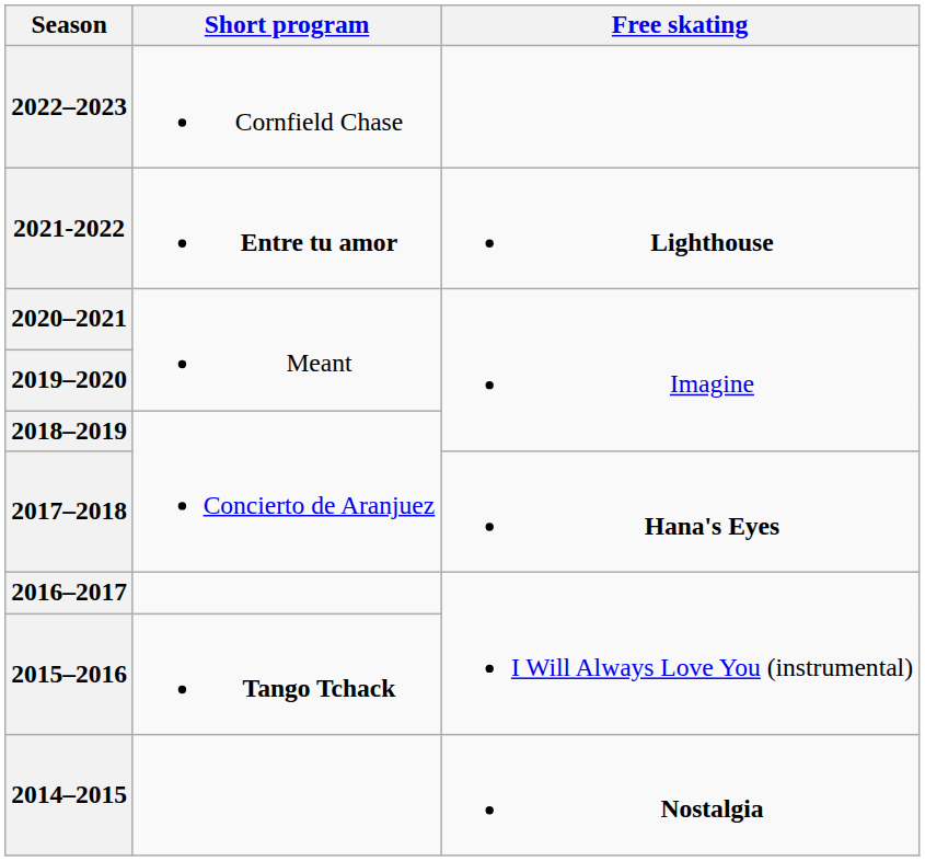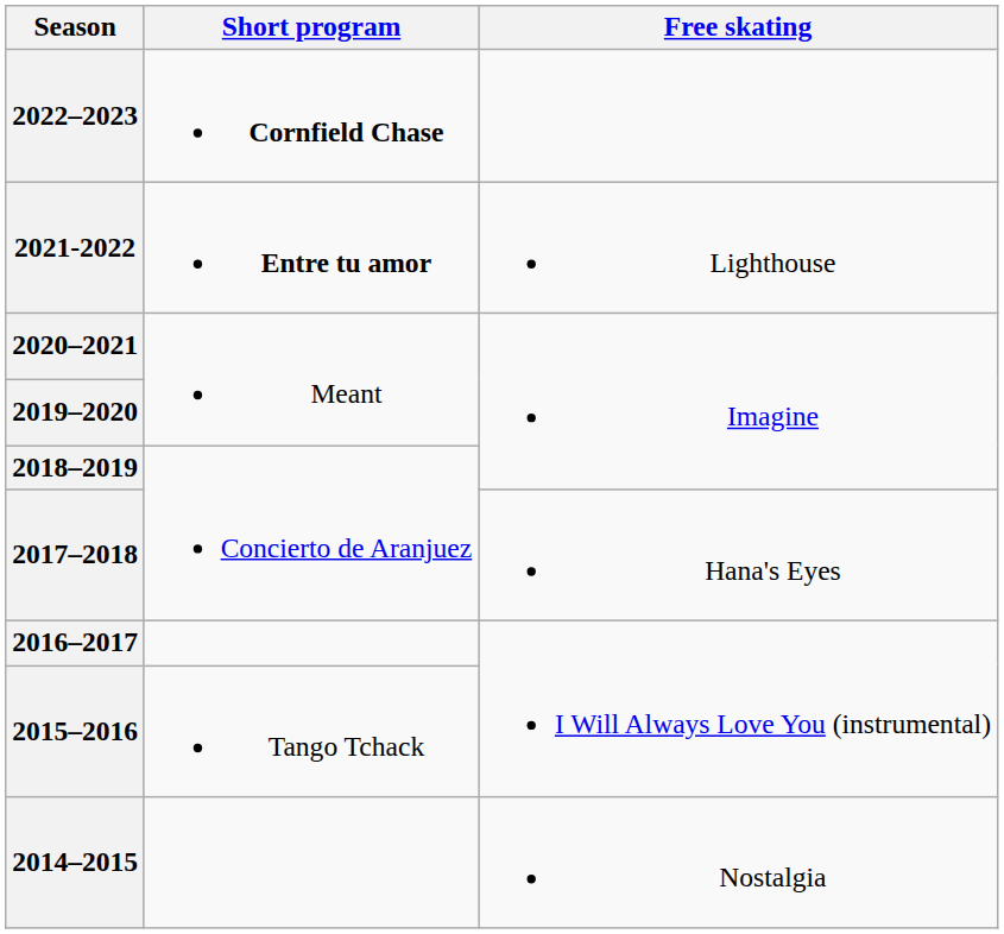 <table class=wikitable style=text-align:center>
 <tr>
 <th>Season</th>
 <th><a href='#'>Short program</a></th>
 <th><a href='#'>Free skating</a></th>
 </tr>
 <tr>
 <th>2022–2023 <br> </th>
-<td><br><ul><li>Cornfield Chase <br></li></ul></td>
+<td><strong><br><ul><li>Cornfield Chase <br></li></ul></strong></td>
 <td></td>
 </tr>
 <tr>
 <th>2021-2022 <br> </th>
 <td><strong><br><ul><li>Entre tu amor <br></li></ul></strong></td>
-<td><strong><br><ul><li>Lighthouse <br></li></ul></strong></td>
+<td><br><ul><li>Lighthouse <br></li></ul></td>
 </tr>
 <tr>
 <th>2020–2021 <br> </th>
 <td rowspan=2><br><ul><li>Meant <br></li></ul></td>
 <td rowspan=3><br><ul><li><a href='#'>Imagine</a> <br></li></ul></td>
 </tr>
 <tr>
 <th>2019–2020  <br> </th>
 </tr>
 <tr>
 <th>2018–2019 <br> </th>
 <td rowspan=2><br><ul><li><a href='#'>Concierto de Aranjuez</a> <br></li></ul></td>
 </tr>
 <tr>
 <th>2017–2018 <br> </th>
-<td><strong><br><ul><li>Hana's Eyes <br></li></ul></strong></td>
+<td><br><ul><li>Hana's Eyes <br></li></ul></td>
 </tr>
 <tr>
 <th>2016–2017</th>
 <td></td>
 <td rowspan=2><br><ul><li><a href='#'>I Will Always Love You</a> (instrumental) <br></li></ul></td>
 </tr>
 <tr>
 <th>2015–2016</th>
-<td><strong><br><ul><li>Tango Tchack <br></li></ul></strong></td>
+<td><br><ul><li>Tango Tchack <br></li></ul></td>
 </tr>
 <tr>
 <th>2014–2015</th>
 <td></td>
-<td><strong><br><ul><li>Nostalgia <br></li></ul></strong></td>
+<td><br><ul><li>Nostalgia <br></li></ul></td>
 </tr>
 </table>
